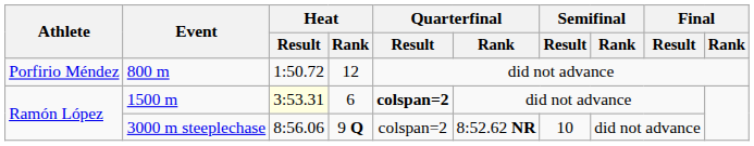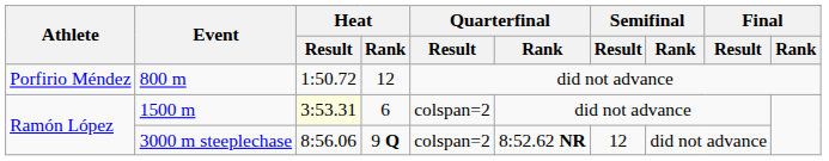 <table class=wikitable style="font-size:90%">
 <tr>
 <th rowspan="2">Athlete</th>
 <th rowspan="2">Event</th>
 <th colspan="2">Heat</th>
 <th colspan="2">Quarterfinal</th>
 <th colspan="2">Semifinal</th>
 <th colspan="2">Final</th>
 </tr>
 <tr style="font-size:95%">
 <th>Result</th>
 <th>Rank</th>
 <th>Result</th>
 <th>Rank</th>
 <th>Result</th>
 <th>Rank</th>
 <th>Result</th>
 <th>Rank</th>
 </tr>
 <tr align=center>
 <td align=left><a href='#'>Porfirio Méndez</a></td>
 <td align=left><a href='#'>800 m</a></td>
 <td>1:50.72</td>
 <td>12</td>
 <td colspan=6>did not advance</td>
 </tr>
 <tr align=center>
 <td align=left rowspan=2><a href='#'>Ramón López</a></td>
 <td align=left><a href='#'>1500 m</a></td>
 <td style="background: lightyellow;">3:53.31</td>
 <td>6</td>
-<td><strong>colspan=2 </strong></td>
+<td>colspan=2 </td>
 <td colspan=4>did not advance</td>
 </tr>
 <tr align=center>
 <td align=left><a href='#'>3000 m steeplechase</a></td>
 <td>8:56.06</td>
 <td>9 <strong>Q</strong></td>
 <td>colspan=2 </td>
 <td>8:52.62 <strong>NR</strong></td>
-<td>10</td>
+<td>12</td>
 <td colspan=2>did not advance</td>
 </tr>
 </table>
